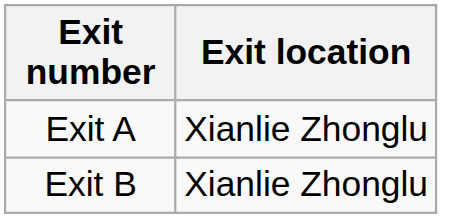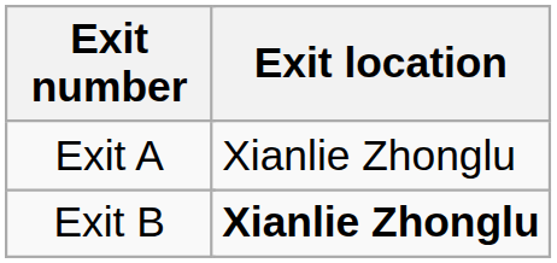 <table class="wikitable">
 <tr>
 <th style="width:70px" colspan="2">Exit number</th>
 <th>Exit location</th>
 </tr>
 <tr>
 <td align="center" colspan="2">Exit A</td>
 <td>Xianlie Zhonglu</td>
 </tr>
 <tr>
 <td align="center" colspan="2">Exit B</td>
-<td>Xianlie Zhonglu</td>
+<td><strong>Xianlie Zhonglu</strong></td>
 </tr>
 </table>
